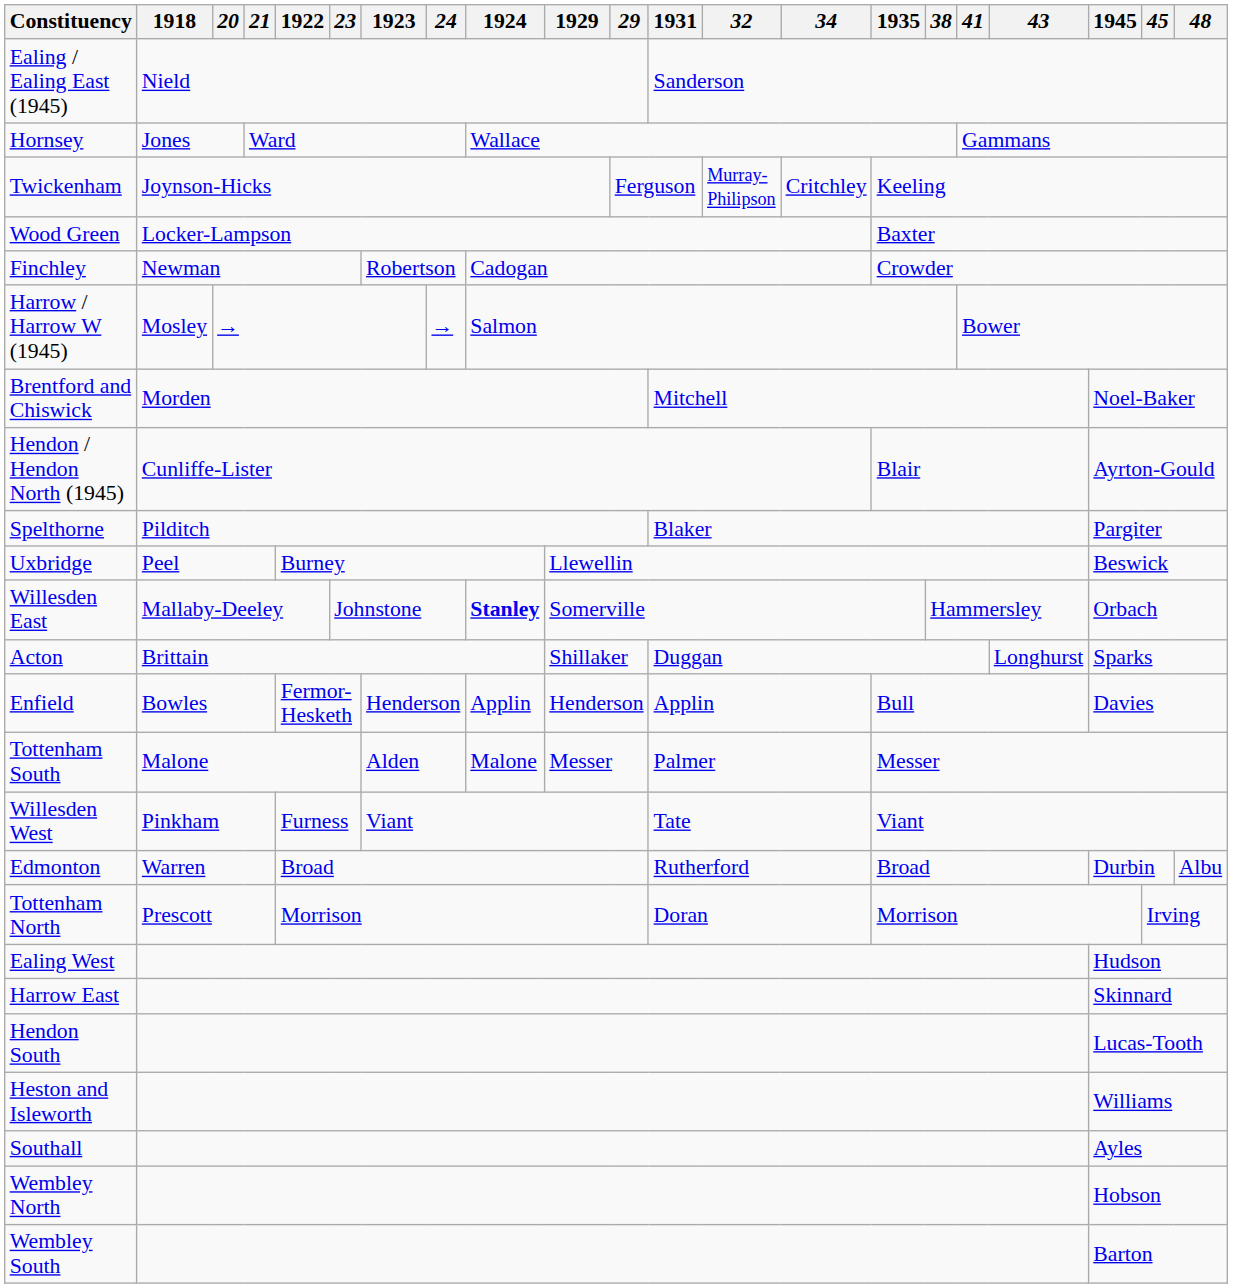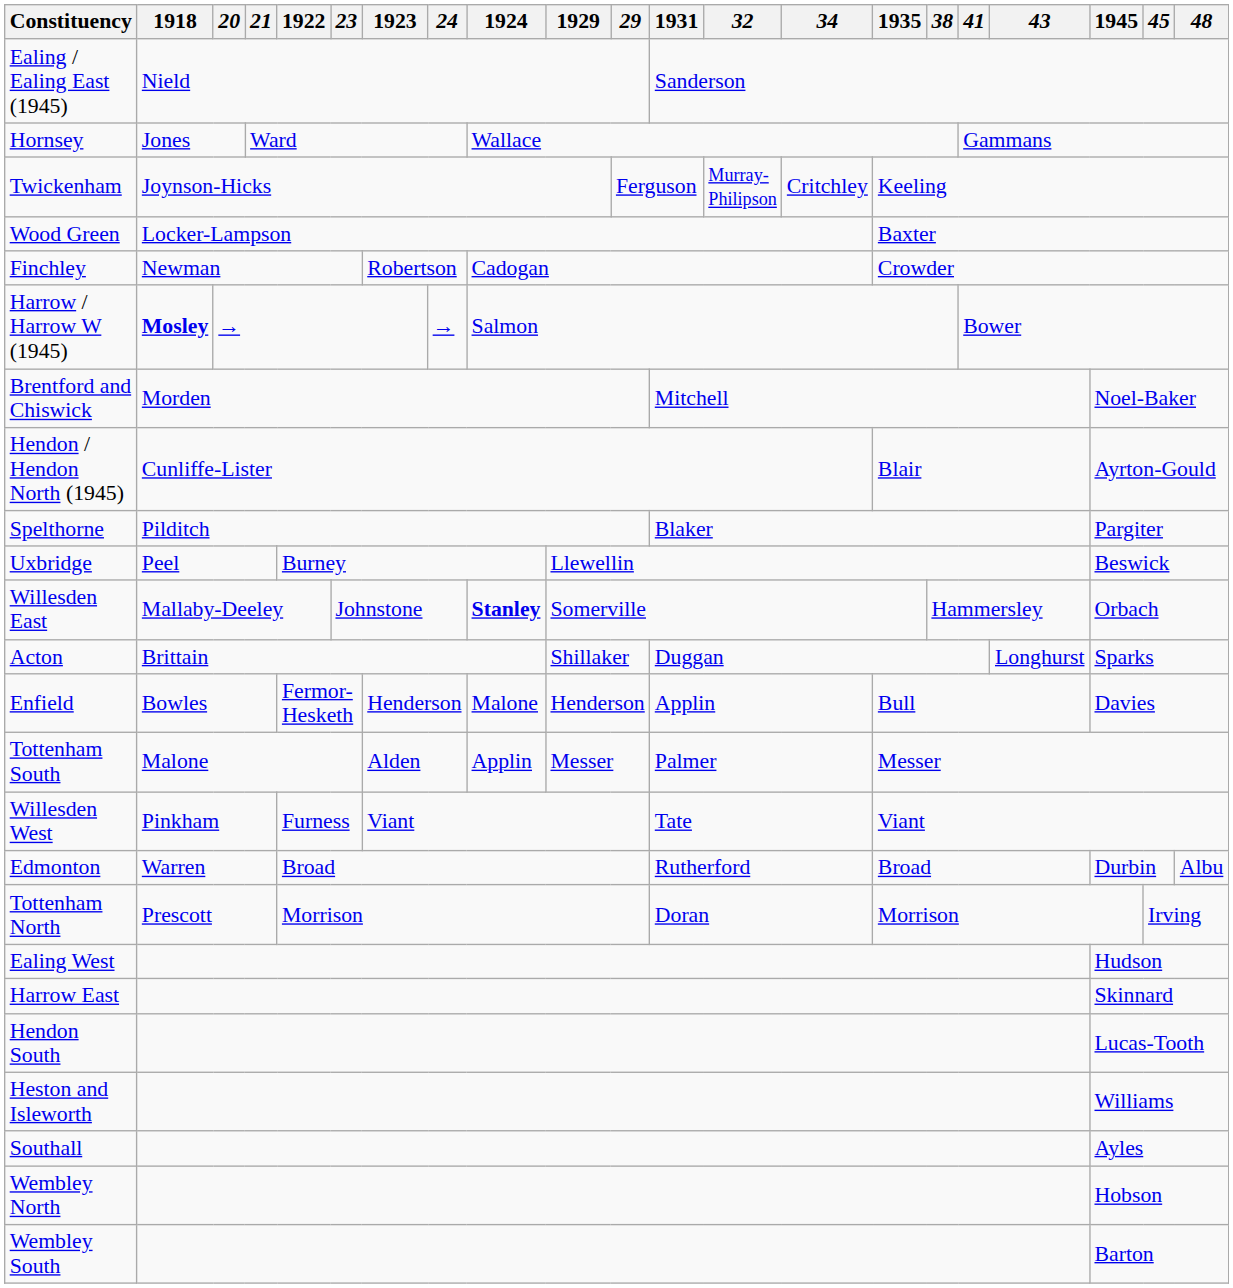 <table class="wikitable">
 <tr>
 <th>Constituency</th>
 <th>1918</th>
 <th><em>20</em></th>
 <th><em>21</em></th>
 <th>1922</th>
 <th><em>23</em></th>
 <th>1923</th>
 <th><em>24</em></th>
 <th>1924</th>
 <th>1929</th>
 <th><em>29</em></th>
 <th>1931</th>
 <th><em>32</em></th>
 <th><em>34</em></th>
 <th>1935</th>
 <th><em>38</em></th>
 <th><em>41</em></th>
 <th><em>43</em></th>
 <th>1945</th>
 <th><em>45</em></th>
 <th><em>48</em></th>
 </tr>
 <tr>
 <td><a href='#'>Ealing</a> / <a href='#'>Ealing East</a> (1945)</td>
 <td colspan="10"><a href='#'>Nield</a></td>
 <td colspan="10"><a href='#'>Sanderson</a></td>
 </tr>
 <tr>
 <td><a href='#'>Hornsey</a></td>
 <td colspan="2"><a href='#'>Jones</a></td>
 <td colspan="5"><a href='#'>Ward</a></td>
 <td colspan="8"><a href='#'>Wallace</a></td>
 <td colspan="5"><a href='#'>Gammans</a></td>
 </tr>
 <tr>
 <td><a href='#'>Twickenham</a></td>
 <td colspan="9"><a href='#'>Joynson-Hicks</a></td>
 <td colspan="2"><a href='#'>Ferguson</a></td>
 <td><a href='#'><small>Murray-Philipson</small></a></td>
 <td><a href='#'>Critchley</a></td>
 <td colspan="7"><a href='#'>Keeling</a></td>
 </tr>
 <tr>
 <td><a href='#'>Wood Green</a></td>
 <td colspan="13"><a href='#'>Locker-Lampson</a></td>
 <td colspan="7"><a href='#'>Baxter</a></td>
 </tr>
 <tr>
 <td><a href='#'>Finchley</a></td>
 <td colspan="5"><a href='#'>Newman</a></td>
 <td colspan="2"><a href='#'>Robertson</a></td>
 <td colspan="6"><a href='#'>Cadogan</a></td>
 <td colspan="7"><a href='#'>Crowder</a></td>
 </tr>
 <tr>
 <td><a href='#'>Harrow</a> / <a href='#'>Harrow W</a> (1945)</td>
-<td><a href='#'>Mosley</a></td>
+<td><strong><a href='#'>Mosley</a></strong></td>
 <td colspan="5"><a href='#'>→</a></td>
 <td><a href='#'>→</a></td>
 <td colspan="8"><a href='#'>Salmon</a></td>
 <td colspan="5"><a href='#'>Bower</a></td>
 </tr>
 <tr>
 <td><a href='#'>Brentford and Chiswick</a></td>
 <td colspan="10"><a href='#'>Morden</a></td>
 <td colspan="7"><a href='#'>Mitchell</a></td>
 <td colspan="3"><a href='#'>Noel-Baker</a></td>
 </tr>
 <tr>
 <td><a href='#'>Hendon</a> / <a href='#'>Hendon North</a> (1945)</td>
 <td colspan="13"><a href='#'>Cunliffe-Lister</a></td>
 <td colspan="4"><a href='#'>Blair</a></td>
 <td colspan="3"><a href='#'>Ayrton-Gould</a></td>
 </tr>
 <tr>
 <td><a href='#'>Spelthorne</a></td>
 <td colspan="10"><a href='#'>Pilditch</a></td>
 <td colspan="7"><a href='#'>Blaker</a></td>
 <td colspan="3"><a href='#'>Pargiter</a></td>
 </tr>
 <tr>
 <td><a href='#'>Uxbridge</a></td>
 <td colspan="3"><a href='#'>Peel</a></td>
 <td colspan="5"><a href='#'>Burney</a></td>
 <td colspan="9"><a href='#'>Llewellin</a></td>
 <td colspan="3"><a href='#'>Beswick</a></td>
 </tr>
 <tr>
 <td><a href='#'>Willesden East</a></td>
 <td colspan="4"><a href='#'>Mallaby-Deeley</a></td>
 <td colspan="3"><a href='#'>Johnstone</a></td>
 <td><strong><a href='#'>Stanley</a></strong></td>
 <td colspan="6"><a href='#'>Somerville</a></td>
 <td colspan="3"><a href='#'>Hammersley</a></td>
 <td colspan="3"><a href='#'>Orbach</a></td>
 </tr>
 <tr>
 <td><a href='#'>Acton</a></td>
 <td colspan="8"><a href='#'>Brittain</a></td>
 <td colspan="2"><a href='#'>Shillaker</a></td>
 <td colspan="6"><a href='#'>Duggan</a></td>
 <td><a href='#'>Longhurst</a></td>
 <td colspan="3"><a href='#'>Sparks</a></td>
 </tr>
 <tr>
 <td><a href='#'>Enfield</a></td>
 <td colspan="3"><a href='#'>Bowles</a></td>
 <td colspan="2"><a href='#'>Fermor-Hesketh</a></td>
 <td colspan="2"><a href='#'>Henderson</a></td>
-<td><a href='#'>Applin</a></td>
+<td><a href='#'>Malone</a></td>
 <td colspan="2"><a href='#'>Henderson</a></td>
 <td colspan="3"><a href='#'>Applin</a></td>
 <td colspan="4"><a href='#'>Bull</a></td>
 <td colspan="3"><a href='#'>Davies</a></td>
 </tr>
 <tr>
 <td><a href='#'>Tottenham South</a></td>
 <td colspan="5"><a href='#'>Malone</a></td>
 <td colspan="2"><a href='#'>Alden</a></td>
-<td><a href='#'>Malone</a></td>
+<td><a href='#'>Applin</a></td>
 <td colspan="2"><a href='#'>Messer</a></td>
 <td colspan="3"><a href='#'>Palmer</a></td>
 <td colspan="7"><a href='#'>Messer</a></td>
 </tr>
 <tr>
 <td><a href='#'>Willesden West</a></td>
 <td colspan="3"><a href='#'>Pinkham</a></td>
 <td colspan="2"><a href='#'>Furness</a></td>
 <td colspan="5"><a href='#'>Viant</a></td>
 <td colspan="3"><a href='#'>Tate</a></td>
 <td colspan="7"><a href='#'>Viant</a></td>
 </tr>
 <tr>
 <td><a href='#'>Edmonton</a></td>
 <td colspan="3"><a href='#'>Warren</a></td>
 <td colspan="7"><a href='#'>Broad</a></td>
 <td colspan="3"><a href='#'>Rutherford</a></td>
 <td colspan="4"><a href='#'>Broad</a></td>
 <td colspan="2"><a href='#'>Durbin</a></td>
 <td><a href='#'>Albu</a></td>
 </tr>
 <tr>
 <td><a href='#'>Tottenham North</a></td>
 <td colspan="3"><a href='#'>Prescott</a></td>
 <td colspan="7"><a href='#'>Morrison</a></td>
 <td colspan="3"><a href='#'>Doran</a></td>
 <td colspan="5"><a href='#'>Morrison</a></td>
 <td colspan="2"><a href='#'>Irving</a></td>
 </tr>
 <tr>
 <td><a href='#'>Ealing West</a></td>
 <td colspan="17"></td>
 <td colspan="3"><a href='#'>Hudson</a></td>
 </tr>
 <tr>
 <td><a href='#'>Harrow East</a></td>
 <td colspan="17"></td>
 <td colspan="3"><a href='#'>Skinnard</a></td>
 </tr>
 <tr>
 <td><a href='#'>Hendon South</a></td>
 <td colspan="17"></td>
 <td colspan="3"><a href='#'>Lucas-Tooth</a></td>
 </tr>
 <tr>
 <td><a href='#'>Heston and Isleworth</a></td>
 <td colspan="17"></td>
 <td colspan="3"><a href='#'>Williams</a></td>
 </tr>
 <tr>
 <td><a href='#'>Southall</a></td>
 <td colspan="17"></td>
 <td colspan="3"><a href='#'>Ayles</a></td>
 </tr>
 <tr>
 <td><a href='#'>Wembley North</a></td>
 <td colspan="17"></td>
 <td colspan="3"><a href='#'>Hobson</a></td>
 </tr>
 <tr>
 <td><a href='#'>Wembley South</a></td>
 <td colspan="17"></td>
 <td colspan="3"><a href='#'>Barton</a></td>
 </tr>
 </table>
